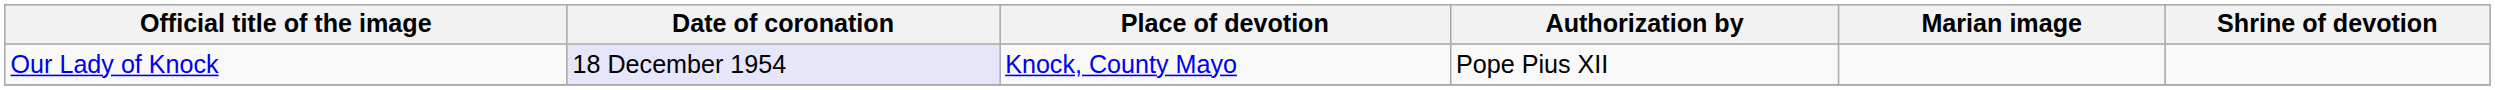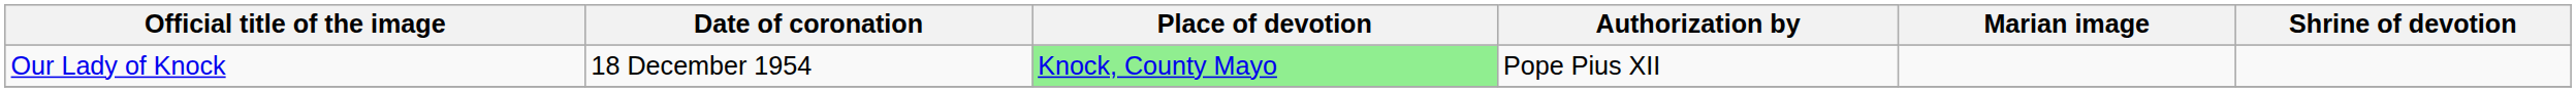 <table class="wikitable sortable" width="100%">
 <tr>
 <th>Official title of the image</th>
 <th data-sort-type="date">Date of coronation</th>
 <th>Place of devotion</th>
 <th>Authorization by</th>
 <th width=200px class=unsortable>Marian image</th>
 <th width=200px class=unsortable>Shrine of devotion</th>
 </tr>
 <tr>
 <td><a href='#'>Our Lady of Knock</a></td>
-<td style="background: lavender;">18 December 1954</td>
-<td><a href='#'>Knock, County Mayo</a></td>
+<td>18 December 1954</td>
+<td style="background: lightgreen;"><a href='#'>Knock, County Mayo</a></td>
 <td>Pope Pius XII</td>
 <td></td>
 <td></td>
 </tr>
 <tr>
 </tr>
 </table>
